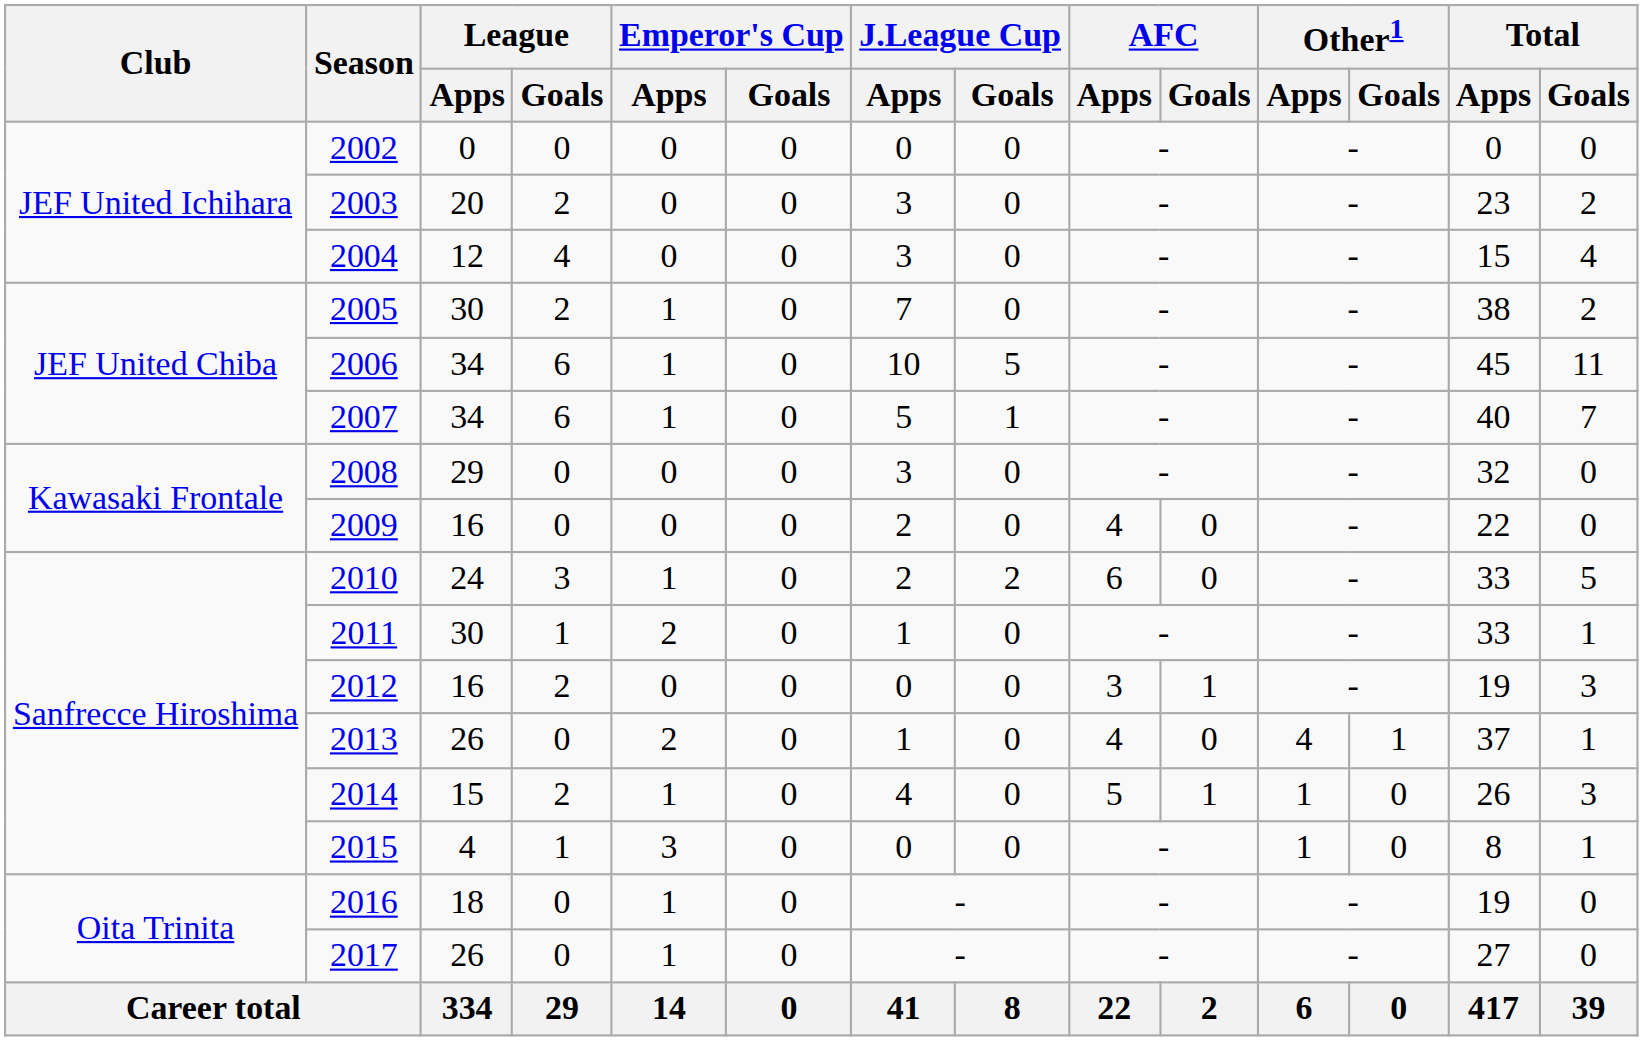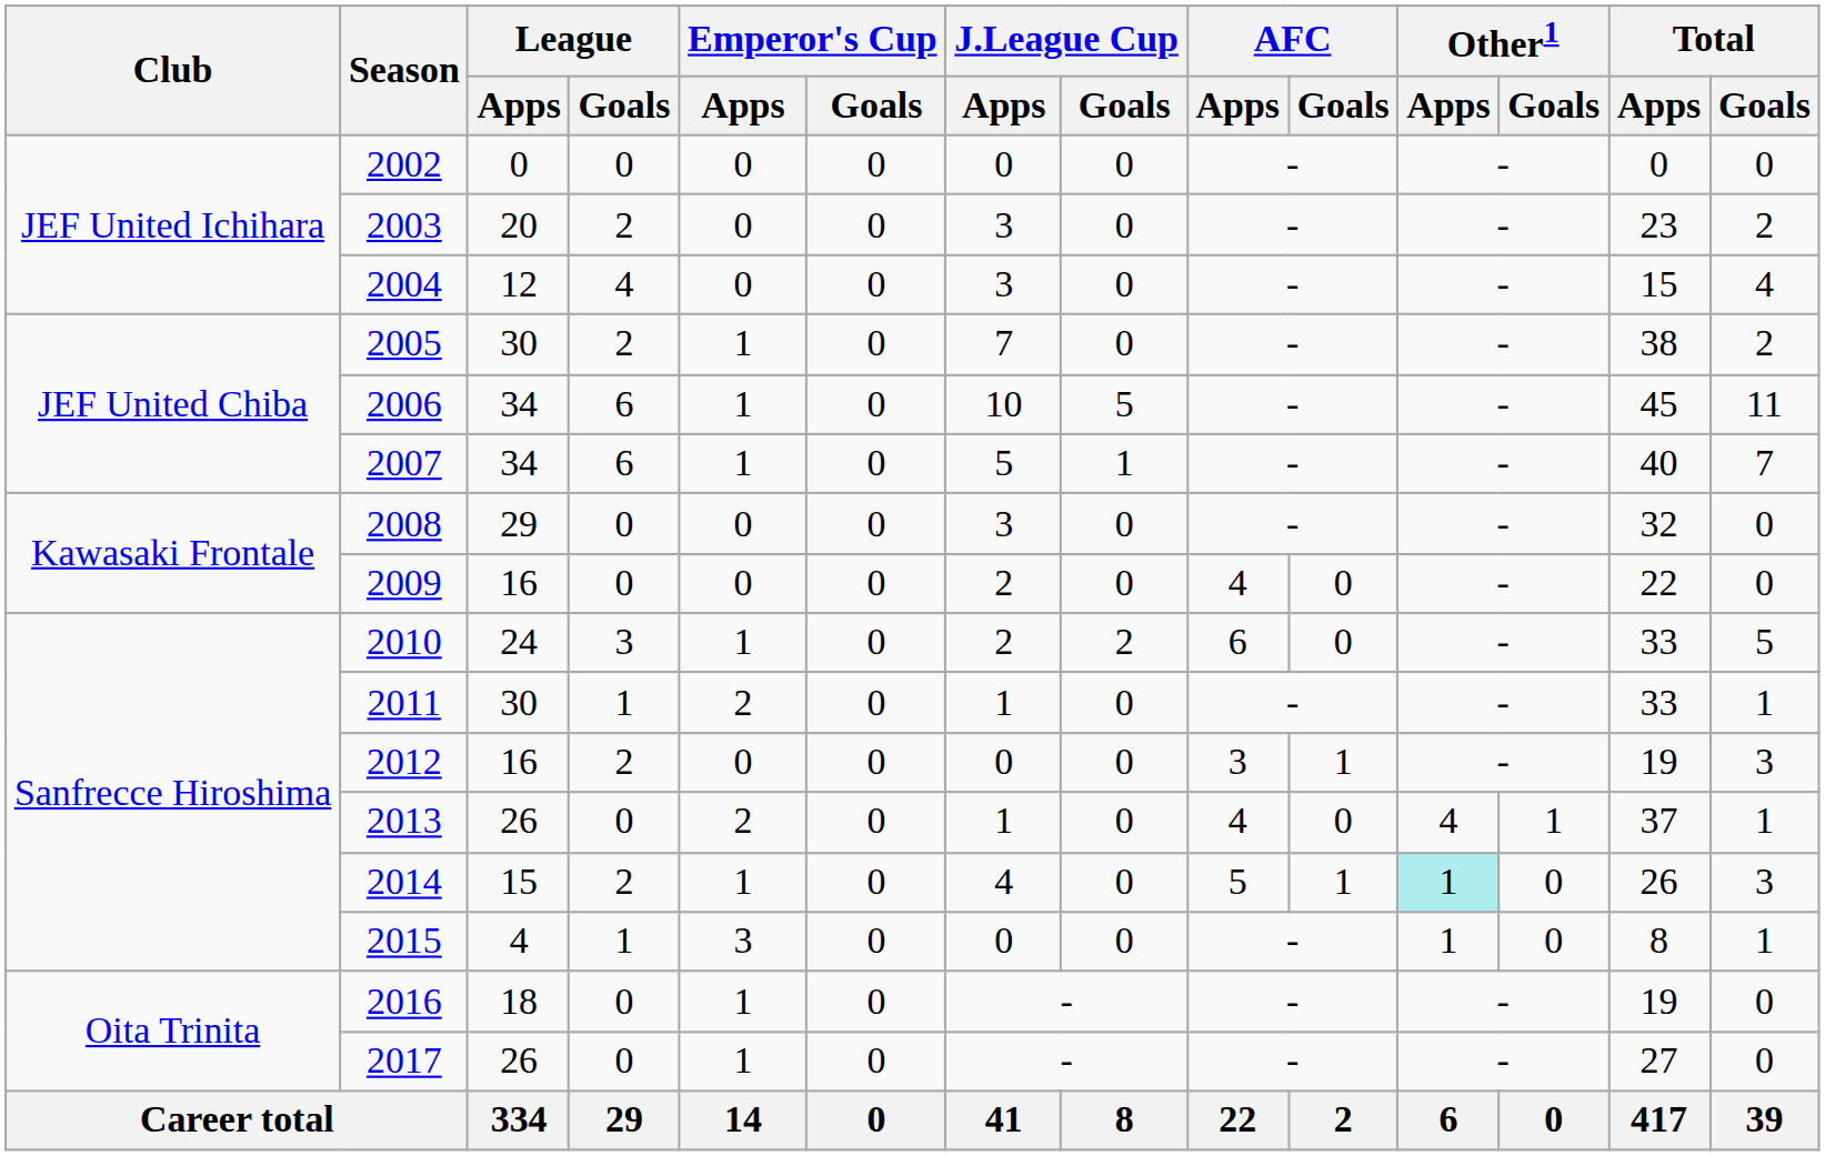 <table class="wikitable" style="text-align:center">
 <tr>
 <th rowspan=2>Club</th>
 <th rowspan=2>Season</th>
 <th colspan=2>League</th>
 <th colspan=2><a href='#'>Emperor's Cup</a></th>
 <th colspan=2><a href='#'>J.League Cup</a></th>
 <th colspan=2><a href='#'>AFC</a></th>
 <th colspan=2>Other<sup><a href='#'>1</a></sup></th>
 <th colspan=2>Total</th>
 </tr>
 <tr>
 <th>Apps</th>
 <th>Goals</th>
 <th>Apps</th>
 <th>Goals</th>
 <th>Apps</th>
 <th>Goals</th>
 <th>Apps</th>
 <th>Goals</th>
 <th>Apps</th>
 <th>Goals</th>
 <th>Apps</th>
 <th>Goals</th>
 </tr>
 <tr>
 <td rowspan="3"><a href='#'>JEF United Ichihara</a></td>
 <td><a href='#'>2002</a></td>
 <td>0</td>
 <td>0</td>
 <td>0</td>
 <td>0</td>
 <td>0</td>
 <td>0</td>
 <td colspan="2">-</td>
 <td colspan="2">-</td>
 <td>0</td>
 <td>0</td>
 </tr>
 <tr>
 <td><a href='#'>2003</a></td>
 <td>20</td>
 <td>2</td>
 <td>0</td>
 <td>0</td>
 <td>3</td>
 <td>0</td>
 <td colspan="2">-</td>
 <td colspan="2">-</td>
 <td>23</td>
 <td>2</td>
 </tr>
 <tr>
 <td><a href='#'>2004</a></td>
 <td>12</td>
 <td>4</td>
 <td>0</td>
 <td>0</td>
 <td>3</td>
 <td>0</td>
 <td colspan="2">-</td>
 <td colspan="2">-</td>
 <td>15</td>
 <td>4</td>
 </tr>
 <tr>
 <td rowspan="3"><a href='#'>JEF United Chiba</a></td>
 <td><a href='#'>2005</a></td>
 <td>30</td>
 <td>2</td>
 <td>1</td>
 <td>0</td>
 <td>7</td>
 <td>0</td>
 <td colspan="2">-</td>
 <td colspan="2">-</td>
 <td>38</td>
 <td>2</td>
 </tr>
 <tr>
 <td><a href='#'>2006</a></td>
 <td>34</td>
 <td>6</td>
 <td>1</td>
 <td>0</td>
 <td>10</td>
 <td>5</td>
 <td colspan="2">-</td>
 <td colspan="2">-</td>
 <td>45</td>
 <td>11</td>
 </tr>
 <tr>
 <td><a href='#'>2007</a></td>
 <td>34</td>
 <td>6</td>
 <td>1</td>
 <td>0</td>
 <td>5</td>
 <td>1</td>
 <td colspan="2">-</td>
 <td colspan="2">-</td>
 <td>40</td>
 <td>7</td>
 </tr>
 <tr>
 <td rowspan="2"><a href='#'>Kawasaki Frontale</a></td>
 <td><a href='#'>2008</a></td>
 <td>29</td>
 <td>0</td>
 <td>0</td>
 <td>0</td>
 <td>3</td>
 <td>0</td>
 <td colspan="2">-</td>
 <td colspan="2">-</td>
 <td>32</td>
 <td>0</td>
 </tr>
 <tr>
 <td><a href='#'>2009</a></td>
 <td>16</td>
 <td>0</td>
 <td>0</td>
 <td>0</td>
 <td>2</td>
 <td>0</td>
 <td>4</td>
 <td>0</td>
 <td colspan="2">-</td>
 <td>22</td>
 <td>0</td>
 </tr>
 <tr>
 <td rowspan="6"><a href='#'>Sanfrecce Hiroshima</a></td>
 <td><a href='#'>2010</a></td>
 <td>24</td>
 <td>3</td>
 <td>1</td>
 <td>0</td>
 <td>2</td>
 <td>2</td>
 <td>6</td>
 <td>0</td>
 <td colspan="2">-</td>
 <td>33</td>
 <td>5</td>
 </tr>
 <tr>
 <td><a href='#'>2011</a></td>
 <td>30</td>
 <td>1</td>
 <td>2</td>
 <td>0</td>
 <td>1</td>
 <td>0</td>
 <td colspan="2">-</td>
 <td colspan="2">-</td>
 <td>33</td>
 <td>1</td>
 </tr>
 <tr>
 <td><a href='#'>2012</a></td>
 <td>16</td>
 <td>2</td>
 <td>0</td>
 <td>0</td>
 <td>0</td>
 <td>0</td>
 <td>3</td>
 <td>1</td>
 <td colspan="2">-</td>
 <td>19</td>
 <td>3</td>
 </tr>
 <tr>
 <td><a href='#'>2013</a></td>
 <td>26</td>
 <td>0</td>
 <td>2</td>
 <td>0</td>
 <td>1</td>
 <td>0</td>
 <td>4</td>
 <td>0</td>
 <td>4</td>
 <td>1</td>
 <td>37</td>
 <td>1</td>
 </tr>
 <tr>
 <td><a href='#'>2014</a></td>
 <td>15</td>
 <td>2</td>
 <td>1</td>
 <td>0</td>
 <td>4</td>
 <td>0</td>
 <td>5</td>
 <td>1</td>
-<td>1</td>
+<td style="background: paleturquoise;">1</td>
 <td>0</td>
 <td>26</td>
 <td>3</td>
 </tr>
 <tr>
 <td><a href='#'>2015</a></td>
 <td>4</td>
 <td>1</td>
 <td>3</td>
 <td>0</td>
 <td>0</td>
 <td>0</td>
 <td colspan="2">-</td>
 <td>1</td>
 <td>0</td>
 <td>8</td>
 <td>1</td>
 </tr>
 <tr>
 <td rowspan="2"><a href='#'>Oita Trinita</a></td>
 <td><a href='#'>2016</a></td>
 <td>18</td>
 <td>0</td>
 <td>1</td>
 <td>0</td>
 <td colspan="2">-</td>
 <td colspan="2">-</td>
 <td colspan="2">-</td>
 <td>19</td>
 <td>0</td>
 </tr>
 <tr>
 <td><a href='#'>2017</a></td>
 <td>26</td>
 <td>0</td>
 <td>1</td>
 <td>0</td>
 <td colspan="2">-</td>
 <td colspan="2">-</td>
 <td colspan="2">-</td>
 <td>27</td>
 <td>0</td>
 </tr>
 <tr>
 <th colspan=2>Career total</th>
 <th>334</th>
 <th>29</th>
 <th>14</th>
 <th>0</th>
 <th>41</th>
 <th>8</th>
 <th>22</th>
 <th>2</th>
 <th>6</th>
 <th>0</th>
 <th>417</th>
 <th>39</th>
 </tr>
 </table>
